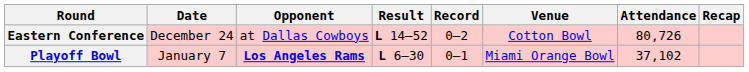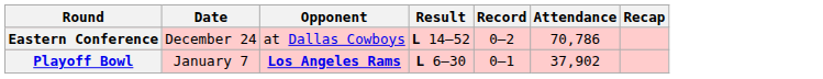 <table class="wikitable" style="text-align:center">
 <tr>
 <th>Round</th>
 <th>Date</th>
 <th>Opponent</th>
 <th>Result</th>
 <th>Record</th>
-<th>Venue</th>
 <th>Attendance</th>
 <th>Recap</th>
 </tr>
 <tr style="background:#fcc">
 <th>Eastern Conference</th>
 <td>December 24</td>
 <td>at <a href='#'>Dallas Cowboys</a></td>
 <td><strong>L</strong> 14–52</td>
 <td>0–2</td>
-<td><a href='#'>Cotton Bowl</a></td>
-<td>80,726</td>
+<td>70,786</td>
 <td></td>
 </tr>
 <tr style="background:#fcc">
 <th><a href='#'>Playoff Bowl</a></th>
 <td>January 7</td>
 <td><strong><a href='#'>Los Angeles Rams</a></strong></td>
 <td><strong>L</strong> 6–30</td>
 <td>0–1</td>
-<td><a href='#'>Miami Orange Bowl</a></td>
-<td>37,102</td>
+<td>37,902</td>
 <td></td>
 </tr>
 </table>
